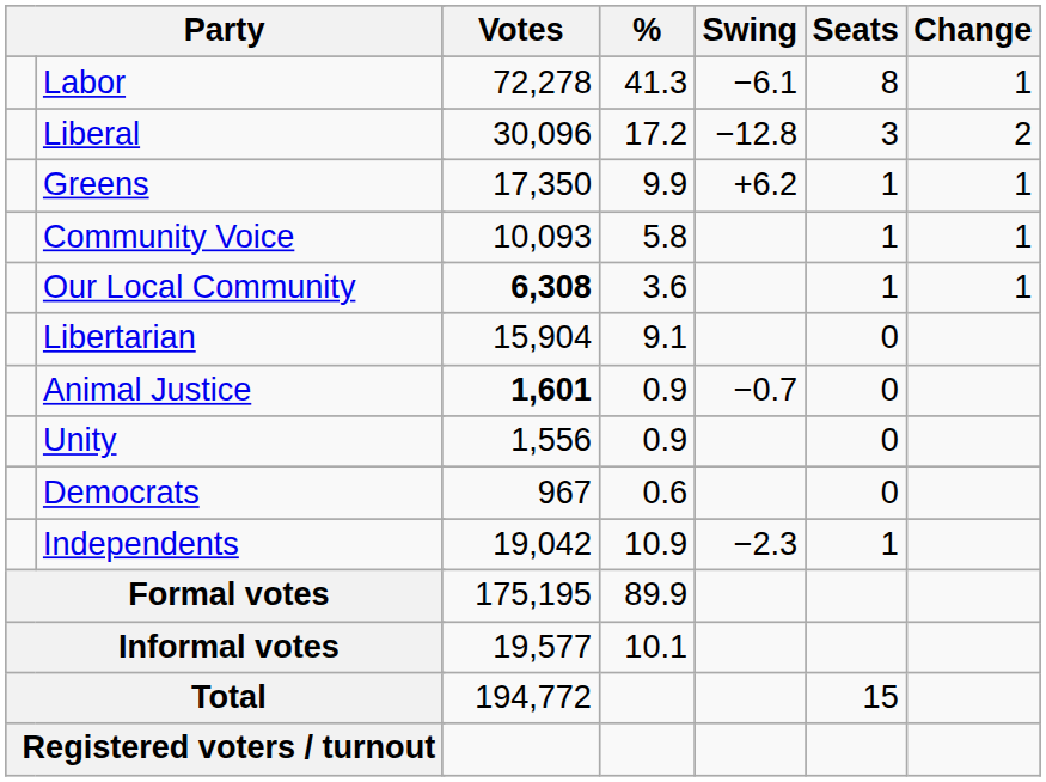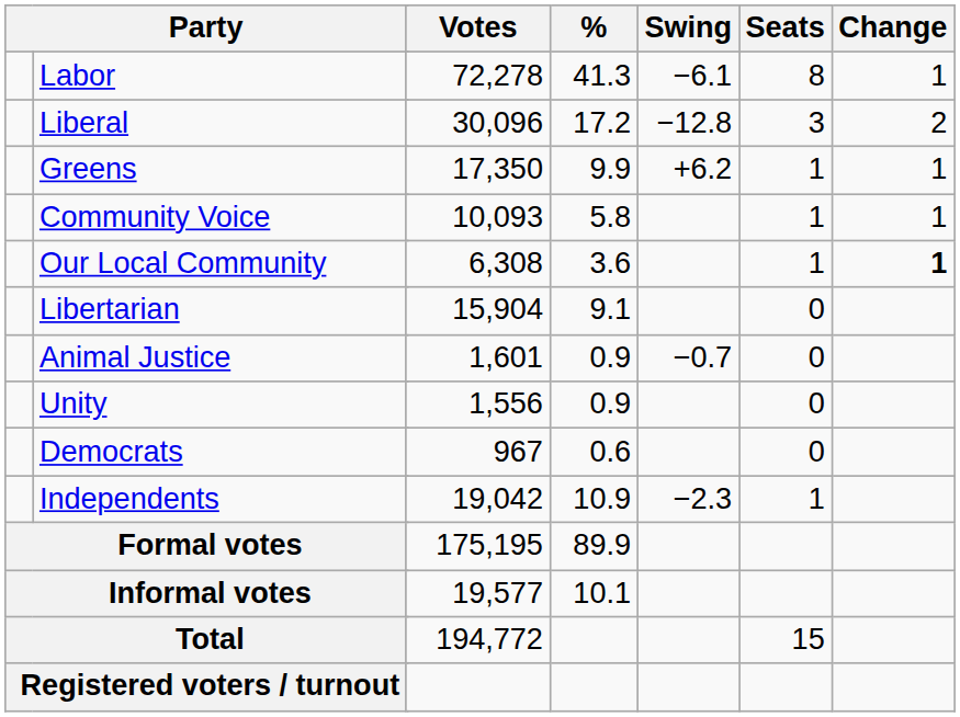 <table class="wikitable" style="text-align:right; margin-bottom:0">
 <tr>
 <th style="width:10px" colspan=3>Party</th>
 <th style="width:70px;">Votes</th>
 <th style="width:40px;">%</th>
 <th style="width:40px;">Swing</th>
 <th style="width:40px;">Seats</th>
 <th style="width:40px;">Change</th>
 </tr>
 <tr>
 <td> </td>
 <td style="text-align:left;" colspan="2"><a href='#'>Labor</a></td>
 <td>72,278</td>
 <td>41.3</td>
 <td>−6.1</td>
 <td>8</td>
 <td> 1</td>
 </tr>
 <tr>
 <td> </td>
 <td style="text-align:left;" colspan="2"><a href='#'>Liberal</a></td>
 <td>30,096</td>
 <td>17.2</td>
 <td>−12.8</td>
 <td>3</td>
 <td> 2</td>
 </tr>
 <tr>
 <td> </td>
 <td style="text-align:left;" colspan="2"><a href='#'>Greens</a></td>
 <td>17,350</td>
 <td>9.9</td>
 <td>+6.2</td>
 <td>1</td>
 <td> 1</td>
 </tr>
 <tr>
 <td> </td>
 <td style="text-align:left;" colspan="2"><a href='#'>Community Voice</a></td>
 <td>10,093</td>
 <td>5.8</td>
 <td></td>
 <td>1</td>
 <td> 1</td>
 </tr>
 <tr>
 <td> </td>
 <td style="text-align:left;" colspan="2"><a href='#'>Our Local Community</a></td>
-<td><strong>6,308</strong></td>
+<td>6,308</td>
 <td>3.6</td>
 <td></td>
 <td>1</td>
-<td> 1</td>
+<td><strong> 1</strong></td>
 </tr>
 <tr>
 <td> </td>
 <td style="text-align:left;" colspan="2"><a href='#'>Libertarian</a></td>
 <td>15,904</td>
 <td>9.1</td>
 <td></td>
 <td>0</td>
 <td></td>
 </tr>
 <tr>
 <td> </td>
 <td style="text-align:left;" colspan="2"><a href='#'>Animal Justice</a></td>
-<td><strong>1,601</strong></td>
+<td>1,601</td>
 <td>0.9</td>
 <td>−0.7</td>
 <td>0</td>
 <td></td>
 </tr>
 <tr>
 <td> </td>
 <td style="text-align:left;" colspan="2"><a href='#'>Unity</a></td>
 <td>1,556</td>
 <td>0.9</td>
 <td></td>
 <td>0</td>
 <td></td>
 </tr>
 <tr>
 <td> </td>
 <td style="text-align:left;" colspan="2"><a href='#'>Democrats</a></td>
 <td>967</td>
 <td>0.6</td>
 <td></td>
 <td>0</td>
 <td></td>
 </tr>
 <tr>
 <td> </td>
 <td style="text-align:left;" colspan="2"><a href='#'>Independents</a></td>
 <td>19,042</td>
 <td>10.9</td>
 <td>−2.3</td>
 <td>1</td>
 <td></td>
 </tr>
 <tr>
 <th colspan="3" rowspan="1"> Formal votes</th>
 <td>175,195</td>
 <td>89.9</td>
 <td></td>
 <td></td>
 <td></td>
 </tr>
 <tr>
 <th colspan="3" rowspan="1"> Informal votes</th>
 <td>19,577</td>
 <td>10.1</td>
 <td></td>
 <td></td>
 <td></td>
 </tr>
 <tr>
 <th colspan="3" rowspan="1"> <strong>Total </strong></th>
 <td>194,772</td>
 <td></td>
 <td></td>
 <td>15</td>
 <td></td>
 </tr>
 <tr>
 <th colspan="3" rowspan="1"> Registered voters / turnout</th>
 <td></td>
 <td></td>
 <td></td>
 <td></td>
 <td></td>
 </tr>
 </table>
